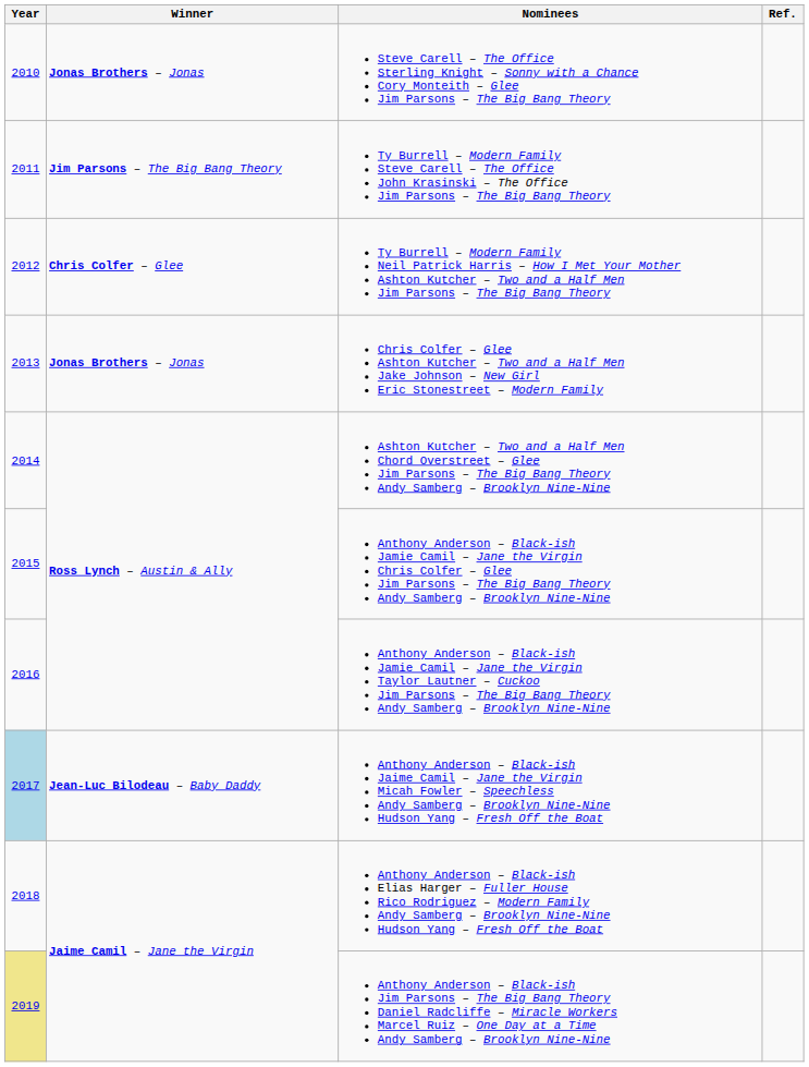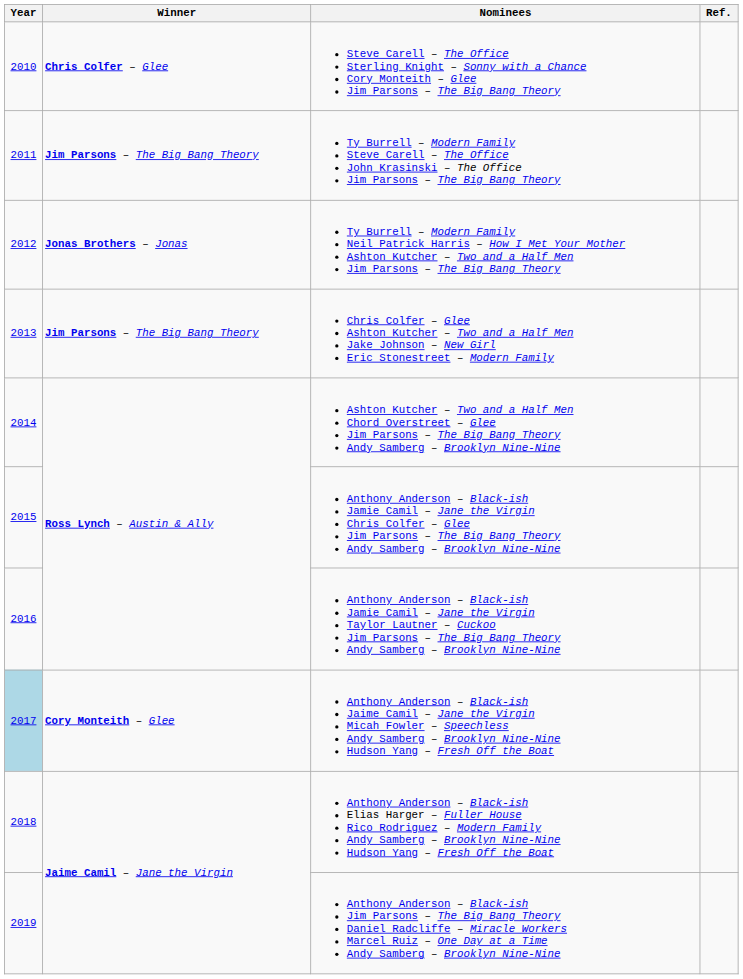 <table class="wikitable" width=70%|>
 <tr>
 <th>Year</th>
 <th>Winner</th>
 <th>Nominees</th>
 <th>Ref.</th>
 </tr>
 <tr>
 <td align="center"><a href='#'>2010</a></td>
-<td><strong><a href='#'>Jonas Brothers</a></strong> – <em><a href='#'>Jonas</a></em></td>
+<td><strong><a href='#'>Chris Colfer</a></strong> – <em><a href='#'>Glee</a></em></td>
 <td><br><ul><li><a href='#'>Steve Carell</a> – <em><a href='#'>The Office</a></em></li><li><a href='#'>Sterling Knight</a> – <em><a href='#'>Sonny with a Chance</a></em></li><li><a href='#'>Cory Monteith</a> – <em><a href='#'>Glee</a></em></li><li><a href='#'>Jim Parsons</a> – <em><a href='#'>The Big Bang Theory</a></em></li></ul></td>
 <td align="center"></td>
 </tr>
 <tr>
 <td align="center"><a href='#'>2011</a></td>
 <td><strong><a href='#'>Jim Parsons</a></strong> – <em><a href='#'>The Big Bang Theory</a></em></td>
 <td><br><ul><li><a href='#'>Ty Burrell</a> – <em><a href='#'>Modern Family</a></em></li><li><a href='#'>Steve Carell</a> – <em><a href='#'>The Office</a></em></li><li><a href='#'>John Krasinski</a> – <em>The Office</em></li><li><a href='#'>Jim Parsons</a> – <em><a href='#'>The Big Bang Theory</a></em></li></ul></td>
 <td align="center"></td>
 </tr>
 <tr>
 <td align="center"><a href='#'>2012</a></td>
-<td><strong><a href='#'>Chris Colfer</a></strong> – <em><a href='#'>Glee</a></em></td>
+<td><strong><a href='#'>Jonas Brothers</a></strong> – <em><a href='#'>Jonas</a></em></td>
 <td><br><ul><li><a href='#'>Ty Burrell</a> – <em><a href='#'>Modern Family</a></em></li><li><a href='#'>Neil Patrick Harris</a> – <em><a href='#'>How I Met Your Mother</a></em></li><li><a href='#'>Ashton Kutcher</a> – <em><a href='#'>Two and a Half Men</a></em></li><li><a href='#'>Jim Parsons</a> – <em><a href='#'>The Big Bang Theory</a></em></li></ul></td>
 <td align="center"></td>
 </tr>
 <tr>
 <td align="center"><a href='#'>2013</a></td>
-<td><strong><a href='#'>Jonas Brothers</a></strong> – <em><a href='#'>Jonas</a></em></td>
+<td><strong><a href='#'>Jim Parsons</a></strong> – <em><a href='#'>The Big Bang Theory</a></em></td>
 <td><br><ul><li><a href='#'>Chris Colfer</a> – <em><a href='#'>Glee</a></em></li><li><a href='#'>Ashton Kutcher</a> – <em><a href='#'>Two and a Half Men</a></em></li><li><a href='#'>Jake Johnson</a> – <em><a href='#'>New Girl</a></em></li><li><a href='#'>Eric Stonestreet</a> – <em><a href='#'>Modern Family</a></em></li></ul></td>
 <td align="center"></td>
 </tr>
 <tr>
 <td align="center"><a href='#'>2014</a></td>
 <td rowspan=3><strong><a href='#'>Ross Lynch</a></strong> – <em><a href='#'>Austin & Ally</a></em></td>
 <td><br><ul><li><a href='#'>Ashton Kutcher</a> – <em><a href='#'>Two and a Half Men</a></em></li><li><a href='#'>Chord Overstreet</a> – <em><a href='#'>Glee</a></em></li><li><a href='#'>Jim Parsons</a> – <em><a href='#'>The Big Bang Theory</a></em></li><li><a href='#'>Andy Samberg</a> – <em><a href='#'>Brooklyn Nine-Nine</a></em></li></ul></td>
 <td align="center"></td>
 </tr>
 <tr>
 <td align="center"><a href='#'>2015</a></td>
 <td><br><ul><li><a href='#'>Anthony Anderson</a> – <em><a href='#'>Black-ish</a></em></li><li><a href='#'>Jamie Camil</a> – <em><a href='#'>Jane the Virgin</a></em></li><li><a href='#'>Chris Colfer</a> – <em><a href='#'>Glee</a></em></li><li><a href='#'>Jim Parsons</a> – <em><a href='#'>The Big Bang Theory</a></em></li><li><a href='#'>Andy Samberg</a> – <em><a href='#'>Brooklyn Nine-Nine</a></em></li></ul></td>
 <td align="center"></td>
 </tr>
 <tr>
 <td align="center"><a href='#'>2016</a></td>
 <td><br><ul><li><a href='#'>Anthony Anderson</a> – <em><a href='#'>Black-ish</a></em></li><li><a href='#'>Jamie Camil</a> – <em><a href='#'>Jane the Virgin</a></em></li><li><a href='#'>Taylor Lautner</a> – <em><a href='#'>Cuckoo</a></em></li><li><a href='#'>Jim Parsons</a> – <em><a href='#'>The Big Bang Theory</a></em></li><li><a href='#'>Andy Samberg</a> – <em><a href='#'>Brooklyn Nine-Nine</a></em></li></ul></td>
 <td align="center"></td>
 </tr>
 <tr>
 <td align="center" style="background: lightblue;"><a href='#'>2017</a></td>
-<td><strong><a href='#'>Jean-Luc Bilodeau</a></strong> – <em><a href='#'>Baby Daddy</a></em></td>
+<td><strong><a href='#'>Cory Monteith</a></strong> – <em><a href='#'>Glee</a></em></td>
 <td><br><ul><li><a href='#'>Anthony Anderson</a> – <em><a href='#'>Black-ish</a></em></li><li><a href='#'>Jaime Camil</a> – <em><a href='#'>Jane the Virgin</a></em></li><li><a href='#'>Micah Fowler</a> – <em><a href='#'>Speechless</a></em></li><li><a href='#'>Andy Samberg</a> – <em><a href='#'>Brooklyn Nine-Nine</a></em></li><li><a href='#'>Hudson Yang</a> – <em><a href='#'>Fresh Off the Boat</a></em></li></ul></td>
 <td align="center"></td>
 </tr>
 <tr>
 <td align="center"><a href='#'>2018</a></td>
 <td rowspan=2><strong><a href='#'>Jaime Camil</a></strong> – <em><a href='#'>Jane the Virgin</a></em></td>
 <td><br><ul><li><a href='#'>Anthony Anderson</a> – <em><a href='#'>Black-ish</a></em></li><li>Elias Harger – <em><a href='#'>Fuller House</a></em></li><li><a href='#'>Rico Rodriguez</a> – <em><a href='#'>Modern Family</a></em></li><li><a href='#'>Andy Samberg</a> – <em><a href='#'>Brooklyn Nine-Nine</a></em></li><li><a href='#'>Hudson Yang</a> – <em><a href='#'>Fresh Off the Boat</a></em></li></ul></td>
 <td align="center"></td>
 </tr>
 <tr>
-<td align="center" style="background: khaki;"><a href='#'>2019</a></td>
+<td align="center"><a href='#'>2019</a></td>
 <td><br><ul><li><a href='#'>Anthony Anderson</a> – <em><a href='#'>Black-ish</a></em></li><li><a href='#'>Jim Parsons</a> – <em><a href='#'>The Big Bang Theory</a></em></li><li><a href='#'>Daniel Radcliffe</a> – <em><a href='#'>Miracle Workers</a></em></li><li><a href='#'>Marcel Ruiz</a> – <em><a href='#'>One Day at a Time</a></em></li><li><a href='#'>Andy Samberg</a> – <em><a href='#'>Brooklyn Nine-Nine</a></em></li></ul></td>
 <td align="center"></td>
 </tr>
 </table>
